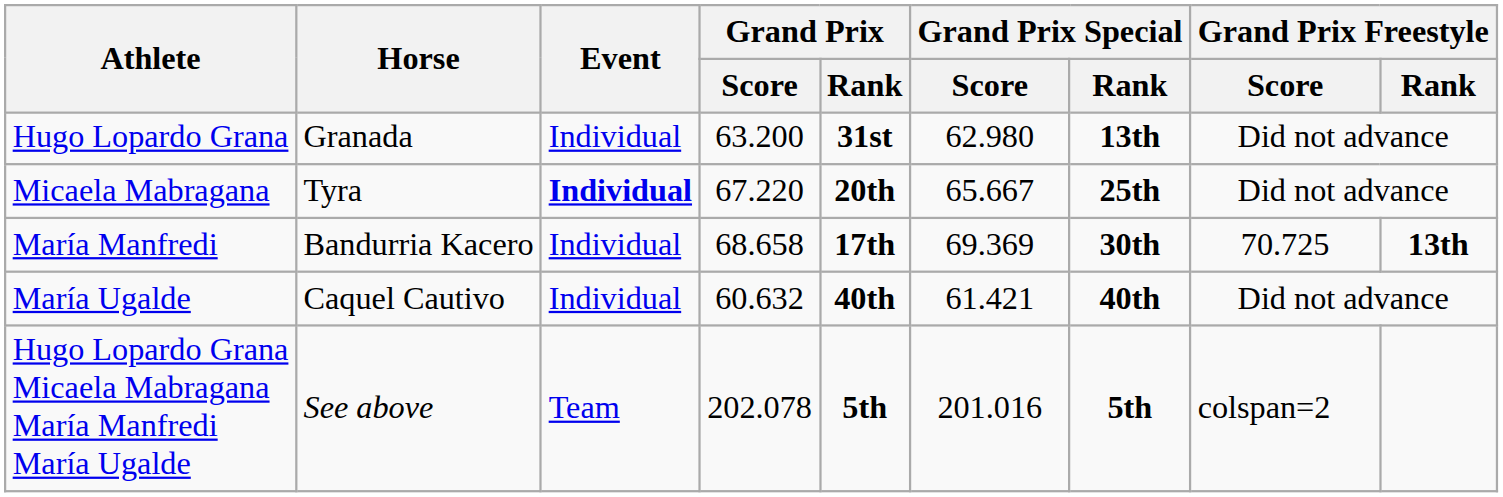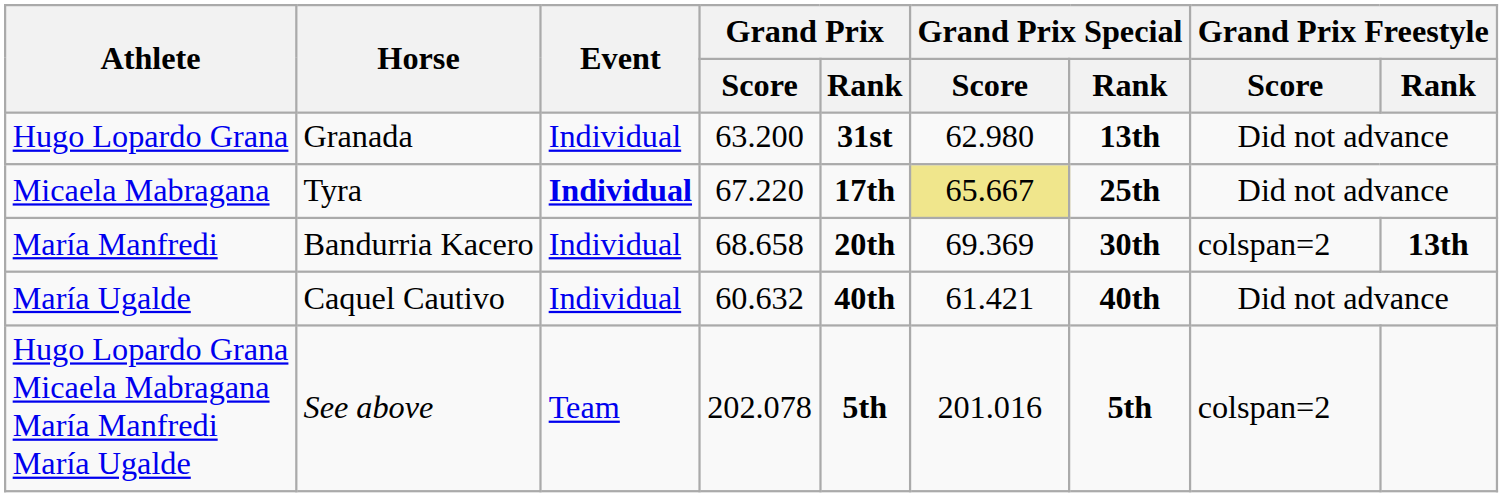 <table class=wikitable style="font-size:90%">
 <tr>
 <th rowspan="2">Athlete</th>
 <th rowspan="2">Horse</th>
 <th rowspan="2">Event</th>
 <th colspan="2">Grand Prix</th>
 <th colspan="2">Grand Prix Special</th>
 <th colspan="2">Grand Prix Freestyle</th>
 </tr>
 <tr>
 <th>Score</th>
 <th>Rank</th>
 <th>Score</th>
 <th>Rank</th>
 <th>Score</th>
 <th>Rank</th>
 </tr>
 <tr>
 <td><a href='#'>Hugo Lopardo Grana</a></td>
 <td>Granada</td>
 <td><a href='#'>Individual</a></td>
 <td align="center">63.200</td>
 <td align="center"><strong>31st</strong></td>
 <td align="center">62.980</td>
 <td align="center"><strong>13th</strong></td>
 <td align="center" colspan=4>Did not advance</td>
 </tr>
 <tr>
 <td><a href='#'>Micaela Mabragana</a></td>
 <td>Tyra</td>
 <td><strong><a href='#'>Individual</a></strong></td>
 <td align="center">67.220</td>
-<td align="center"><strong>20th</strong></td>
-<td align="center">65.667</td>
+<td align="center"><strong>17th</strong></td>
+<td align="center" style="background: khaki;">65.667</td>
 <td align="center"><strong>25th</strong></td>
 <td align="center" colspan=4>Did not advance</td>
 </tr>
 <tr>
 <td><a href='#'>María Manfredi</a></td>
 <td>Bandurria Kacero</td>
 <td><a href='#'>Individual</a></td>
 <td align="center">68.658</td>
-<td align="center"><strong>17th</strong></td>
+<td align="center"><strong>20th</strong></td>
 <td align="center">69.369</td>
 <td align="center"><strong>30th</strong></td>
-<td align="center">70.725</td>
+<td>colspan=2 </td>
 <td align="center"><strong>13th</strong></td>
 </tr>
 <tr>
 <td><a href='#'>María Ugalde</a></td>
 <td>Caquel Cautivo</td>
 <td><a href='#'>Individual</a></td>
 <td align="center">60.632</td>
 <td align="center"><strong>40th</strong></td>
 <td align="center">61.421</td>
 <td align="center"><strong>40th</strong></td>
 <td align="center" colspan=4>Did not advance</td>
 </tr>
 <tr>
 <td><a href='#'>Hugo Lopardo Grana</a><br><a href='#'>Micaela Mabragana</a><br><a href='#'>María Manfredi</a><br><a href='#'>María Ugalde</a></td>
 <td><em>See above</em></td>
 <td><a href='#'>Team</a></td>
 <td align="center">202.078</td>
 <td align="center"><strong>5th</strong></td>
 <td align="center">201.016</td>
 <td align="center"><strong>5th</strong></td>
 <td>colspan=2 </td>
 </tr>
 </table>
